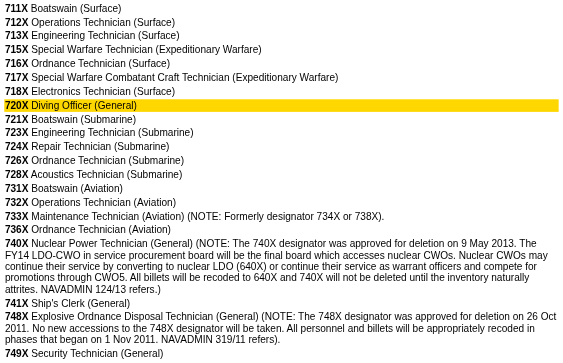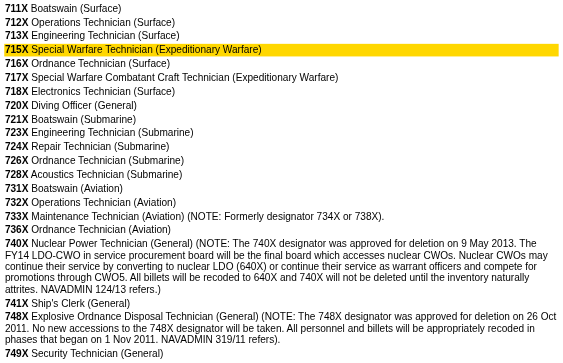 <table>
 <tr>
 <td><strong>711X</strong> Boatswain (Surface)</td>
 </tr>
 <tr>
 <td><strong>712X</strong> Operations Technician (Surface)</td>
 </tr>
 <tr>
 <td><strong>713X</strong> Engineering Technician (Surface)</td>
 </tr>
 <tr>
-<td><strong>715X</strong> Special Warfare Technician (Expeditionary Warfare)</td>
+<td style="background: gold;"><strong>715X</strong> Special Warfare Technician (Expeditionary Warfare)</td>
 </tr>
 <tr>
 <td><strong>716X</strong> Ordnance Technician (Surface)</td>
 </tr>
 <tr>
 <td><strong>717X</strong> Special Warfare Combatant Craft Technician (Expeditionary Warfare)</td>
 </tr>
 <tr>
 <td><strong>718X</strong> Electronics Technician (Surface)</td>
 </tr>
 <tr>
-<td style="background: gold;"><strong>720X</strong> Diving Officer (General)</td>
+<td><strong>720X</strong> Diving Officer (General)</td>
 </tr>
 <tr>
 <td><strong>721X</strong> Boatswain (Submarine)</td>
 </tr>
 <tr>
 <td><strong>723X</strong> Engineering Technician (Submarine)</td>
 </tr>
 <tr>
 <td><strong>724X</strong> Repair Technician (Submarine)</td>
 </tr>
 <tr>
 <td><strong>726X</strong> Ordnance Technician (Submarine)</td>
 </tr>
 <tr>
 <td><strong>728X</strong> Acoustics Technician (Submarine)</td>
 </tr>
 <tr>
 <td><strong>731X</strong> Boatswain (Aviation)</td>
 </tr>
 <tr>
 <td><strong>732X</strong> Operations Technician (Aviation)</td>
 </tr>
 <tr>
 <td><strong>733X</strong> Maintenance Technician (Aviation) (NOTE: Formerly designator 734X or 738X).</td>
 </tr>
 <tr>
 <td><strong>736X</strong> Ordnance Technician (Aviation)</td>
 </tr>
 <tr>
 <td><strong>740X</strong> Nuclear Power Technician (General) (NOTE: The 740X designator was approved for deletion on 9 May 2013. The FY14 LDO-CWO in service procurement board will be the final board which accesses nuclear CWOs. Nuclear CWOs may continue their service by converting to nuclear LDO (640X) or continue their service as warrant officers and compete for promotions through CWO5. All billets will be recoded to 640X and 740X will not be deleted until the inventory naturally attrites. NAVADMIN 124/13 refers.)</td>
 </tr>
 <tr>
 <td><strong>741X</strong> Ship's Clerk (General)</td>
 </tr>
 <tr>
 <td><strong>748X</strong> Explosive Ordnance Disposal Technician (General) (NOTE: The 748X designator was approved for deletion on 26 Oct 2011. No new accessions to the 748X designator will be taken. All personnel and billets will be appropriately recoded in phases that began on 1 Nov 2011. NAVADMIN 319/11 refers).</td>
 </tr>
 <tr>
 <td><strong>749X</strong> Security Technician (General)</td>
 </tr>
 </table>
